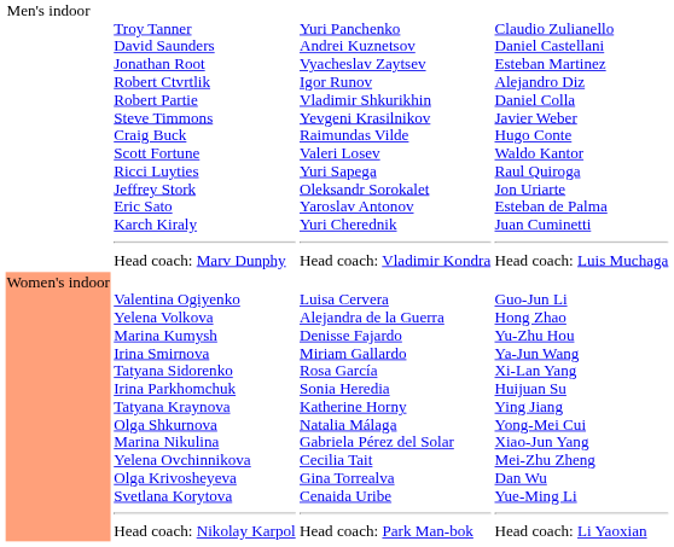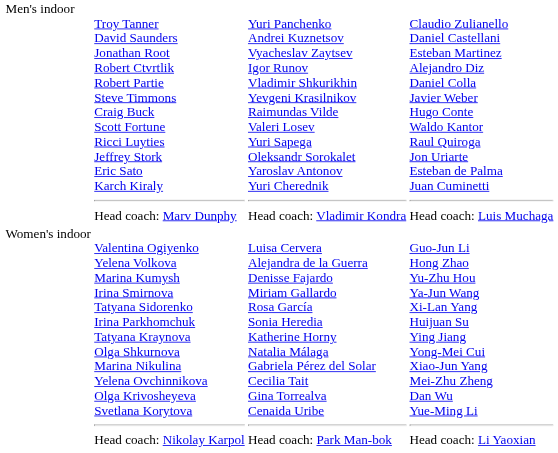 <table>
 <tr valign="top">
 <td>Men's indoor<br></td>
 <td valign=top><br><a href='#'>Troy Tanner</a><br><a href='#'>David Saunders</a><br><a href='#'>Jonathan Root</a><br><a href='#'>Robert Ctvrtlik</a><br><a href='#'>Robert Partie</a><br><a href='#'>Steve Timmons</a><br><a href='#'>Craig Buck</a><br><a href='#'>Scott Fortune</a><br><a href='#'>Ricci Luyties</a><br><a href='#'>Jeffrey Stork</a><br><a href='#'>Eric Sato</a><br><a href='#'>Karch Kiraly</a><br><hr>Head coach: <a href='#'>Marv Dunphy</a></td>
 <td valign=top><br><a href='#'>Yuri Panchenko</a><br><a href='#'>Andrei Kuznetsov</a><br><a href='#'>Vyacheslav Zaytsev</a><br><a href='#'>Igor Runov</a><br><a href='#'>Vladimir Shkurikhin</a><br><a href='#'>Yevgeni Krasilnikov</a><br><a href='#'>Raimundas Vilde</a><br><a href='#'>Valeri Losev</a><br><a href='#'>Yuri Sapega</a><br><a href='#'>Oleksandr Sorokalet</a><br><a href='#'>Yaroslav Antonov</a><br><a href='#'>Yuri Cherednik</a><br><hr>Head coach: <a href='#'>Vladimir Kondra</a></td>
 <td valign=top><br><a href='#'>Claudio Zulianello</a><br><a href='#'>Daniel Castellani</a><br><a href='#'>Esteban Martinez</a><br><a href='#'>Alejandro Diz</a><br><a href='#'>Daniel Colla</a><br><a href='#'>Javier Weber</a><br><a href='#'>Hugo Conte</a><br><a href='#'>Waldo Kantor</a><br><a href='#'>Raul Quiroga</a><br><a href='#'>Jon Uriarte</a><br><a href='#'>Esteban de Palma</a><br><a href='#'>Juan Cuminetti</a><br><hr>Head coach: <a href='#'>Luis Muchaga</a></td>
 </tr>
 <tr valign="top">
-<td style="background: lightsalmon;">Women's indoor<br></td>
+<td>Women's indoor<br></td>
 <td valign=top><br><a href='#'>Valentina Ogiyenko</a><br><a href='#'>Yelena Volkova</a><br><a href='#'>Marina Kumysh</a><br><a href='#'>Irina Smirnova</a><br><a href='#'>Tatyana Sidorenko</a><br><a href='#'>Irina Parkhomchuk</a><br><a href='#'>Tatyana Kraynova</a><br><a href='#'>Olga Shkurnova</a><br><a href='#'>Marina Nikulina</a><br><a href='#'>Yelena Ovchinnikova</a><br><a href='#'>Olga Krivosheyeva</a><br><a href='#'>Svetlana Korytova</a><br><hr>Head coach: <a href='#'>Nikolay Karpol</a></td>
 <td valign=top><br><a href='#'>Luisa Cervera</a><br><a href='#'>Alejandra de la Guerra</a><br><a href='#'>Denisse Fajardo</a><br><a href='#'>Miriam Gallardo</a><br><a href='#'>Rosa García</a><br><a href='#'>Sonia Heredia</a><br><a href='#'>Katherine Horny</a><br><a href='#'>Natalia Málaga</a><br><a href='#'>Gabriela Pérez del Solar</a><br><a href='#'>Cecilia Tait</a><br><a href='#'>Gina Torrealva</a><br><a href='#'>Cenaida Uribe</a><br><hr>Head coach: <a href='#'>Park Man-bok</a></td>
 <td valign=top><br><a href='#'>Guo-Jun Li</a><br><a href='#'>Hong Zhao</a><br><a href='#'>Yu-Zhu Hou</a><br><a href='#'>Ya-Jun Wang</a><br><a href='#'>Xi-Lan Yang</a><br><a href='#'>Huijuan Su</a><br><a href='#'>Ying Jiang</a><br><a href='#'>Yong-Mei Cui</a><br><a href='#'>Xiao-Jun Yang</a><br><a href='#'>Mei-Zhu Zheng</a><br><a href='#'>Dan Wu</a><br><a href='#'>Yue-Ming Li</a><br><hr>Head coach: <a href='#'>Li Yaoxian</a></td>
 </tr>
 </table>
